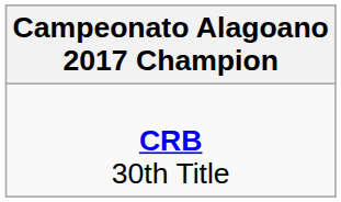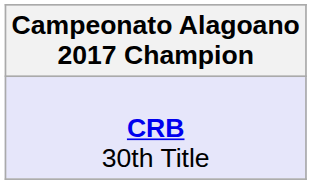 <table class="wikitable" style="text-align: center; margin: 0 auto;">
 <tr>
 <th>Campeonato Alagoano<br>2017 Champion</th>
 </tr>
 <tr>
-<td><br><strong><a href='#'>CRB</a></strong><br>30th Title</td>
+<td style="background: lavender;"><br><strong><a href='#'>CRB</a></strong><br>30th Title</td>
 </tr>
 </table>
